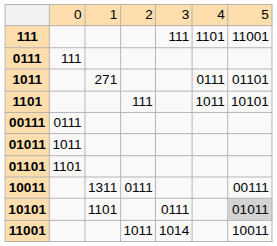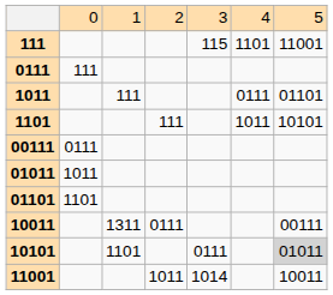 <table class="wikitable" style="text-align:right; border:1px solid black; border-collapse:collapse; margin: auto auto auto 1em; float:right;" border="1">
 <tr style="background:#ffdead;">
 <th></th>
 <td>0</td>
 <td>1</td>
 <td>2</td>
 <td>3</td>
 <td>4</td>
 <td>5</td>
 </tr>
 <tr>
 <th style="background:#ffdead;">111</th>
 <td></td>
 <td></td>
 <td> </td>
-<td>111</td>
+<td>115</td>
 <td>1101</td>
 <td>11001</td>
 </tr>
 <tr>
 <th style="background:#ffdead;">0111</th>
 <td>111</td>
 <td></td>
 <td></td>
 <td></td>
 <td></td>
 <td></td>
 </tr>
 <tr>
 <th style="background:#ffdead;">1011</th>
 <td></td>
-<td>271</td>
+<td>111</td>
 <td></td>
 <td></td>
 <td>0111</td>
 <td>01101</td>
 </tr>
 <tr>
 <th style="background:#ffdead;">1101</th>
 <td></td>
 <td></td>
 <td>111</td>
 <td></td>
 <td>1011</td>
 <td>10101</td>
 </tr>
 <tr>
 <th style="background:#ffdead;">00111</th>
 <td>0111</td>
 <td></td>
 <td></td>
 <td></td>
 <td></td>
 <td></td>
 </tr>
 <tr>
 <th style="background:#ffdead;">01011</th>
 <td>1011</td>
 <td></td>
 <td></td>
 <td></td>
 <td></td>
 <td></td>
 </tr>
 <tr>
 <th style="background:#ffdead;">01101</th>
 <td>1101</td>
 <td></td>
 <td></td>
 <td></td>
 <td></td>
 <td></td>
 </tr>
 <tr>
 <th style="background:#ffdead;">10011</th>
 <td></td>
 <td>1311</td>
 <td>0111</td>
 <td></td>
 <td></td>
 <td>00111</td>
 </tr>
 <tr>
 <th style="background:#ffdead;">10101</th>
 <td></td>
 <td>1101</td>
 <td></td>
 <td>0111</td>
 <td></td>
 <td style="background: lightgrey;">01011</td>
 </tr>
 <tr>
 <th style="background:#ffdead;">11001</th>
 <td></td>
 <td></td>
 <td>1011</td>
 <td>1014</td>
 <td></td>
 <td>10011</td>
 </tr>
 </table>
